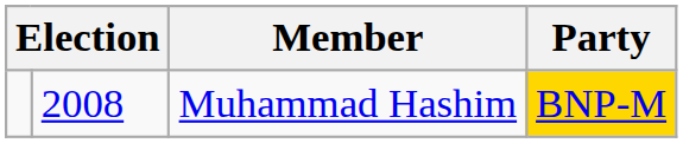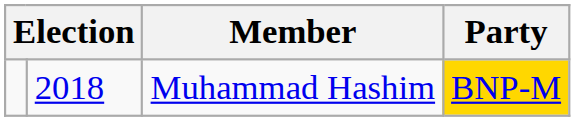 <table class="wikitable">
 <tr>
 <th colspan="2">Election</th>
 <th>Member</th>
 <th>Party</th>
 </tr>
 <tr>
 <td style="background-color: "></td>
-<td><a href='#'>2008</a></td>
+<td><a href='#'>2018</a></td>
 <td><a href='#'>Muhammad Hashim</a></td>
 <td style="background: gold;"><a href='#'>BNP-M</a></td>
 </tr>
 </table>
